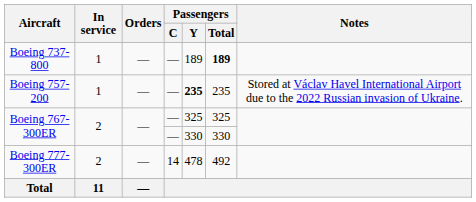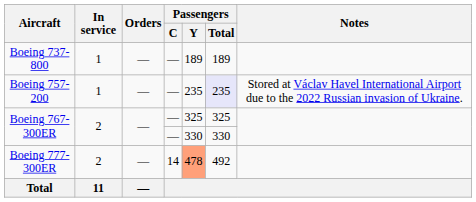 <table class="wikitable" style="text-align:center;margin:auto;">
 <tr>
 <th rowspan="2">Aircraft</th>
 <th rowspan="2">In service</th>
 <th rowspan="2">Orders</th>
 <th colspan="3">Passengers</th>
 <th rowspan="2">Notes</th>
 </tr>
 <tr>
 <th><abbr>C</abbr></th>
 <th><abbr>Y</abbr></th>
 <th>Total</th>
 </tr>
 <tr>
 <td><a href='#'>Boeing 737-800</a></td>
 <td>1</td>
 <td>—</td>
 <td>—</td>
 <td>189</td>
-<td><strong>189</strong></td>
+<td>189</td>
 <td></td>
 </tr>
 <tr Летает за Победу>
 <td><a href='#'>Boeing 757-200</a></td>
 <td>1</td>
 <td>—</td>
 <td>—</td>
-<td><strong>235</strong></td>
 <td>235</td>
+<td style="background: lavender;">235</td>
 <td>Stored at <a href='#'>Václav Havel International Airport</a> due to the <a href='#'>2022 Russian invasion of Ukraine</a>.</td>
 </tr>
 <tr Готовиться летать за Азур Эйр>
 <td rowspan="2"><a href='#'>Boeing 767-300ER</a></td>
 <td rowspan="2">2</td>
 <td rowspan="2">—</td>
 <td>—</td>
 <td>325</td>
 <td>325</td>
 <td rowspan="2"></td>
 </tr>
 <tr>
 <td>—</td>
 <td>330</td>
 <td>330</td>
 </tr>
 <tr>
 <td><a href='#'>Boeing 777-300ER</a></td>
 <td>2</td>
 <td>—</td>
 <td>14</td>
-<td>478</td>
+<td style="background: lightsalmon;">478</td>
 <td>492</td>
 <td></td>
 </tr>
 <tr>
 <th>Total</th>
 <th>11</th>
 <th>—</th>
 <th colspan="4"></th>
 </tr>
 </table>
